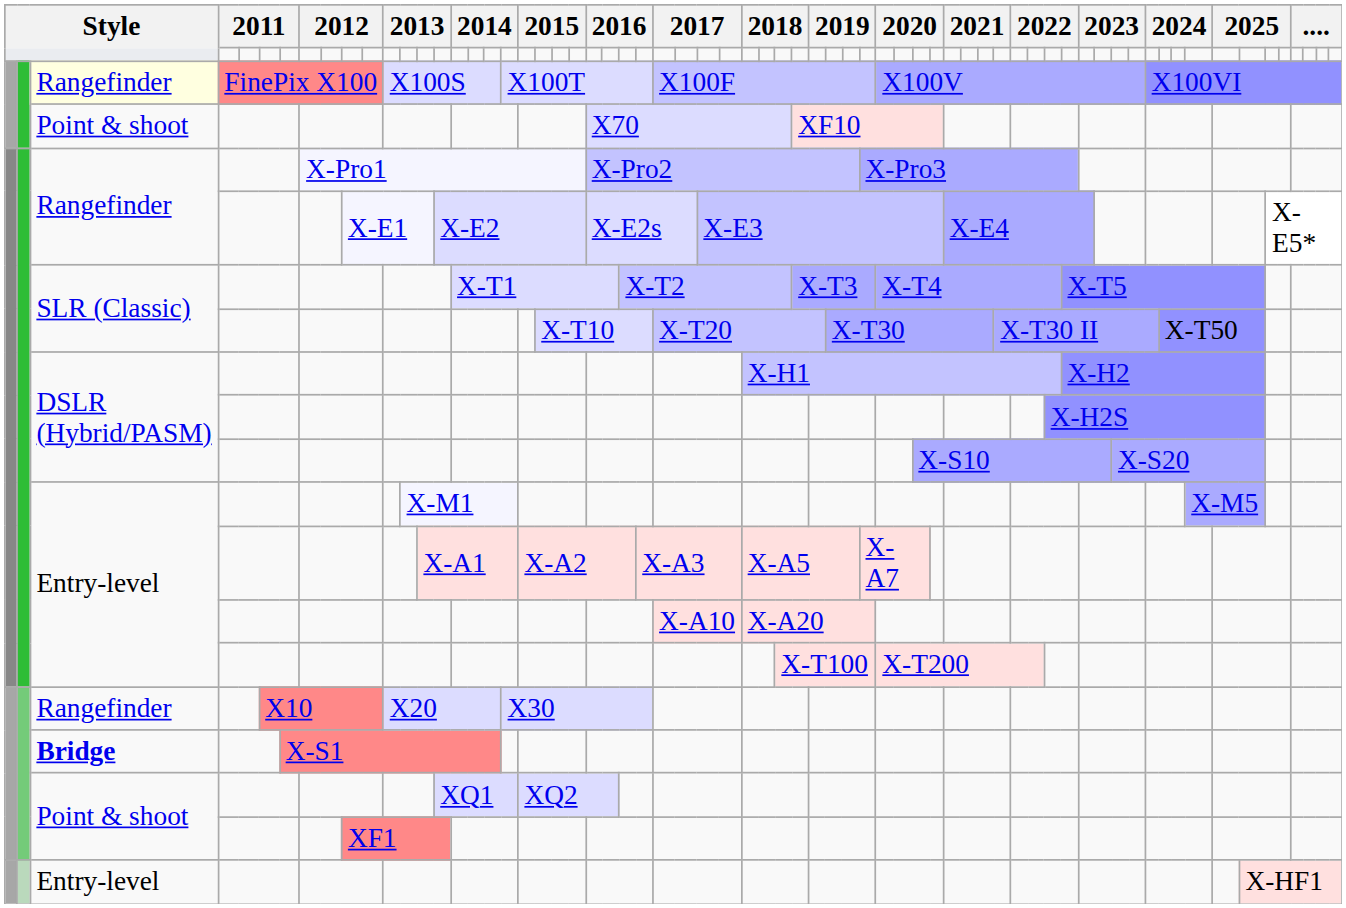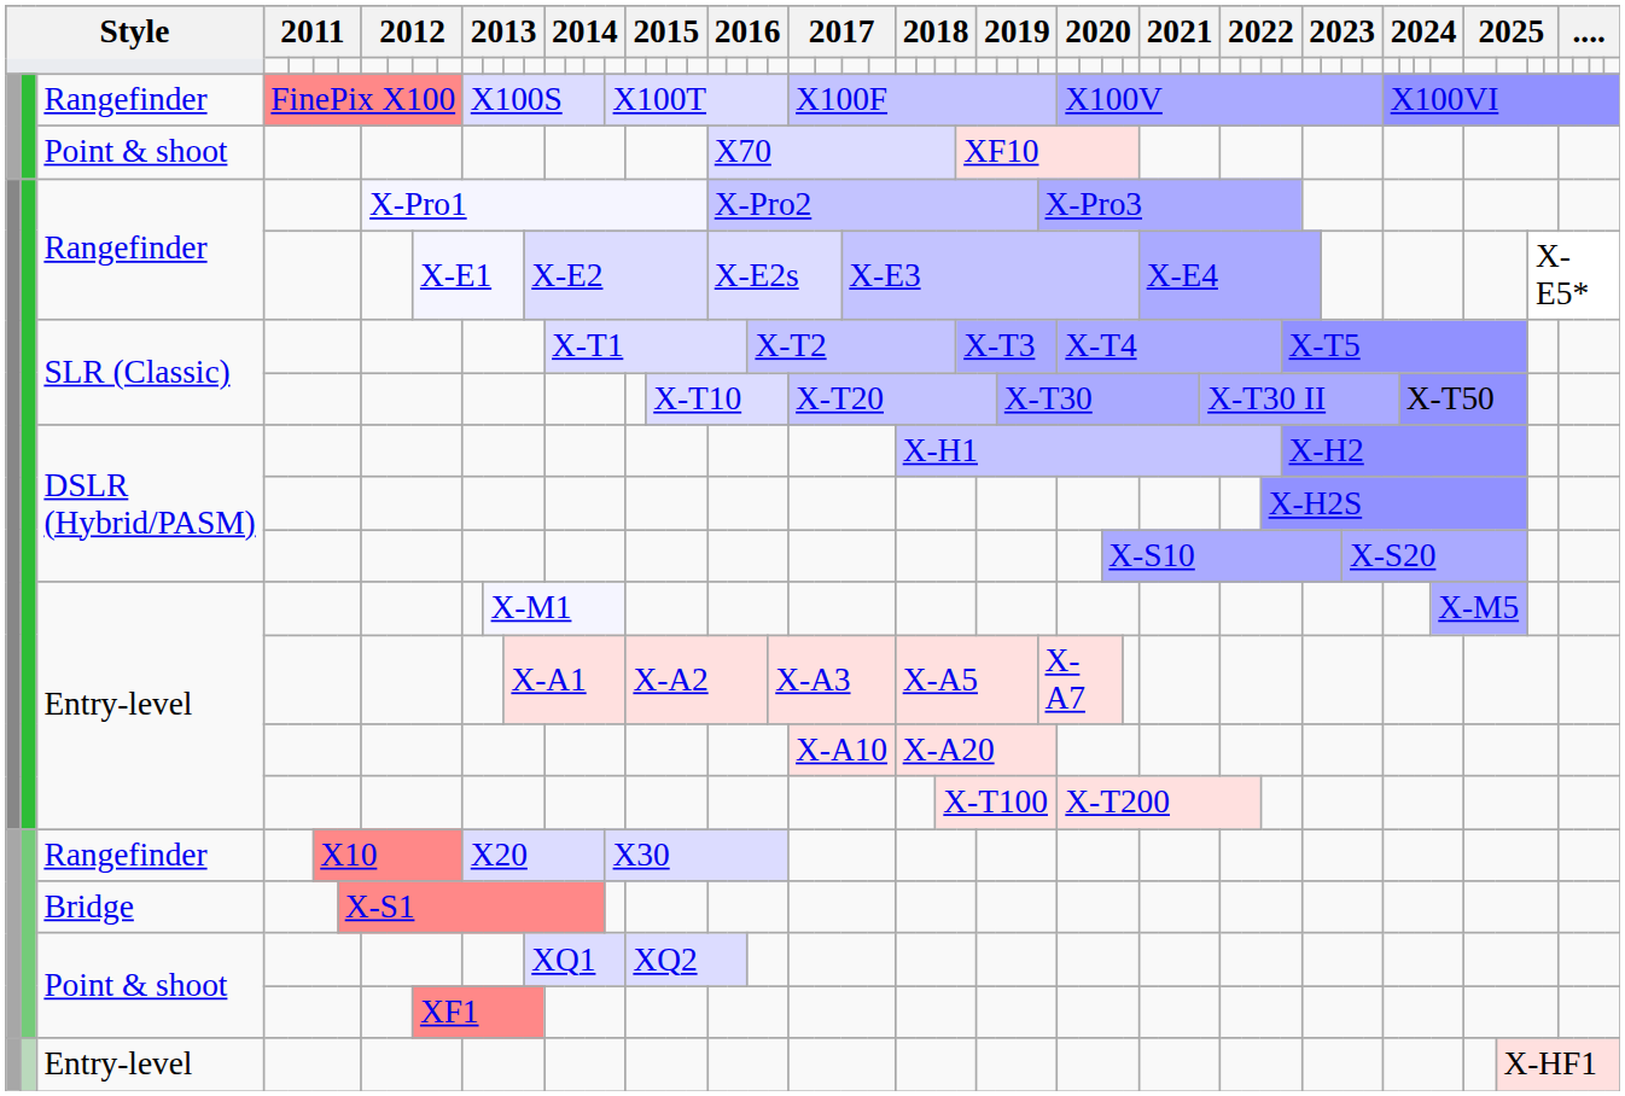 <table class="wikitable" style="width: 100%;">
 <tr>
 <th colspan="3" style="border-bottom:none">Style</th>
 <th colspan="4">2011</th>
 <th colspan="4">2012</th>
 <th colspan="4">2013</th>
 <th colspan="4">2014</th>
 <th colspan="4">2015</th>
 <th colspan="4">2016</th>
 <th colspan="4">2017</th>
 <th colspan="4">2018</th>
 <th colspan="4">2019</th>
 <th colspan="4">2020</th>
 <th colspan="4">2021</th>
 <th colspan="4">2022</th>
 <th colspan="4">2023</th>
 <th colspan="4">2024</th>
 <th colspan="4">2025</th>
 <th colspan="4">....</th>
 </tr>
 <tr>
 <td colspan="3" style="border-top: 0px solid;background: #eaecf0;"></td>
 <td></td>
 <td></td>
 <td></td>
 <td></td>
 <td></td>
 <td></td>
 <td></td>
 <td></td>
 <td></td>
 <td></td>
 <td></td>
 <td></td>
 <td></td>
 <td></td>
 <td></td>
 <td></td>
 <td></td>
 <td></td>
 <td></td>
 <td></td>
 <td></td>
 <td></td>
 <td></td>
 <td></td>
 <td></td>
 <td></td>
 <td></td>
 <td></td>
 <td></td>
 <td></td>
 <td></td>
 <td></td>
 <td></td>
 <td></td>
 <td></td>
 <td></td>
 <td></td>
 <td></td>
 <td></td>
 <td></td>
 <td></td>
 <td></td>
 <td></td>
 <td></td>
 <td></td>
 <td></td>
 <td></td>
 <td></td>
 <td></td>
 <td></td>
 <td></td>
 <td></td>
 <td></td>
 <td></td>
 <td></td>
 <td></td>
 <td></td>
 <td></td>
 <td></td>
 <td></td>
 <td></td>
 <td></td>
 <td></td>
 <td></td>
 </tr>
 <tr>
 <td rowspan="2" style="background:#a7a7a7"></td>
 <td rowspan="2" style="background:#2ebd36"></td>
-<td rowspan="1" style="background: lightyellow; text-align: left;"><a href='#'>Rangefinder</a></td>
+<td rowspan="1" style="text-align: left;"><a href='#'>Rangefinder</a></td>
 <td colspan="8" style="background:#ff8888;white-space:nowrap"><a href='#'>FinePix X100</a></td>
 <td colspan="7" style="background:#dcdcff"><a href='#'>X100S</a></td>
 <td colspan="9" style="background:#dcdcff"><a href='#'>X100T</a></td>
 <td colspan="12" style="background:#c3c3ff"><a href='#'>X100F</a></td>
 <td colspan="16" style="background:#aaaaff"><a href='#'>X100V</a></td>
 <td colspan="12" style="background:#9191FF"><a href='#'>X100VI</a></td>
 </tr>
 <tr>
 <td rowspan="1" style="text-align: left;"><a href='#'>Point & shoot</a></td>
 <td colspan="4"></td>
 <td colspan="4"></td>
 <td colspan="4"></td>
 <td colspan="4"></td>
 <td colspan="4"></td>
 <td colspan="11" style="background:#dcdcff"><a href='#'>X70</a></td>
 <td colspan="9" style="background:#FFE0DF"><a href='#'>XF10</a></td>
 <td colspan="4"></td>
 <td colspan="4"></td>
 <td colspan="4"></td>
 <td colspan="4"></td>
 <td colspan="4"></td>
 <td colspan="4"></td>
 </tr>
 <tr>
 <td rowspan="11" style="background:#878787"></td>
 <td rowspan="11" style="background:#2ebd36"></td>
 <td rowspan="2" style="text-align: left;"><a href='#'>Rangefinder</a></td>
 <td colspan="4"></td>
 <td colspan="16" style="background:#f5f5ff"><a href='#'>X-Pro1</a></td>
 <td colspan="15" style="background:#c3c3ff"><a href='#'>X-Pro2</a></td>
 <td colspan="13" style="background:#aaaaff"><a href='#'>X-Pro3</a></td>
 <td colspan="4"></td>
 <td colspan="4"></td>
 <td colspan="4"></td>
 <td colspan="4"></td>
 </tr>
 <tr>
 <td colspan="4"></td>
 <td colspan="2"></td>
 <td colspan="5" style="background:#f5f5ff"><a href='#'>X-E1</a></td>
 <td colspan="9" style="background:#dcdcff"><a href='#'>X-E2</a></td>
 <td colspan="6" style="background:#dcdcff"><a href='#'>X-E2s</a></td>
 <td colspan="14" style="background:#c3c3ff"><a href='#'>X-E3</a></td>
 <td colspan="9" style="background:#aaaaff"><a href='#'>X-E4</a></td>
 <td colspan="3"></td>
 <td colspan="4"></td>
 <td colspan="2"></td>
 <td colspan="6" style="background:#FFFFFF">X-E5*</td>
 </tr>
 <tr>
 <td rowspan="2" style="text-align: left;"><a href='#'>SLR (Classic)</a></td>
 <td colspan="4"></td>
 <td colspan="4"></td>
 <td colspan="4"></td>
 <td colspan="10" style="background:#dcdcff"><a href='#'>X-T1</a></td>
 <td colspan="9" style="background:#c3c3ff"><a href='#'>X-T2</a></td>
 <td colspan="5" style="background:#aaaaff"><a href='#'>X-T3</a></td>
 <td colspan="11" style="background:#aaaaff"><a href='#'>X-T4</a></td>
 <td colspan="11" style="background:#9191FF"><a href='#'>X-T5</a></td>
 <td colspan="2"></td>
 <td colspan="4"></td>
 </tr>
 <tr>
 <td colspan="4"></td>
 <td colspan="4"></td>
 <td colspan="4"></td>
 <td colspan="4"></td>
 <td></td>
 <td colspan="7" style="background:#dcdcff"><a href='#'>X-T10</a></td>
 <td colspan="9" style="background:#c3c3ff"><a href='#'>X-T20</a></td>
 <td colspan="10" style="background:#aaaaff"><a href='#'>X-T30</a></td>
 <td colspan="10" style="background:#aaaaff"><a href='#'>X-T30 II</a></td>
 <td colspan="5" style="background:#9191FF">X-T50</td>
 <td colspan="2"></td>
 <td colspan="4"></td>
 </tr>
 <tr>
 <td rowspan="3" style="text-align: left;"><a href='#'>DSLR</a> <a href='#'>(Hybrid/PASM)</a></td>
 <td colspan="4"></td>
 <td colspan="4"></td>
 <td colspan="4"></td>
 <td colspan="4"></td>
 <td colspan="4"></td>
 <td colspan="4"></td>
 <td colspan="4"></td>
 <td colspan="19" style="background:#c3c3ff"><a href='#'>X-H1</a></td>
 <td colspan="11" style="background:#9191FF"><a href='#'>X-H2</a></td>
 <td colspan="2"></td>
 <td colspan="4"></td>
 </tr>
 <tr>
 <td colspan="4"></td>
 <td colspan="4"></td>
 <td colspan="4"></td>
 <td colspan="4"></td>
 <td colspan="4"></td>
 <td colspan="4"></td>
 <td colspan="4"></td>
 <td colspan="4"></td>
 <td colspan="4"></td>
 <td colspan="4"></td>
 <td colspan="4"></td>
 <td colspan="2"></td>
 <td colspan="12" style="background:#9191FF"><a href='#'>X-H2S</a></td>
 <td colspan="2"></td>
 <td colspan="4"></td>
 </tr>
 <tr>
 <td colspan="4"></td>
 <td colspan="4"></td>
 <td colspan="4"></td>
 <td colspan="4"></td>
 <td colspan="4"></td>
 <td colspan="4"></td>
 <td colspan="4"></td>
 <td colspan="4"></td>
 <td colspan="4"></td>
 <td colspan="2"></td>
 <td colspan="12" style="background:#aaaaff"><a href='#'>X-S10</a></td>
 <td colspan="8" style="background:#aaaaff;white-space:nowrap"><a href='#'>X-S20</a></td>
 <td colspan="2"></td>
 <td colspan="4"></td>
 </tr>
 <tr>
 <td rowspan="4" style="text-align: left;">Entry-level</td>
 <td colspan="4"></td>
 <td colspan="4"></td>
 <td></td>
 <td colspan="7" style="background:#f5f5ff"><a href='#'>X-M1</a></td>
 <td colspan="4"></td>
 <td colspan="4"></td>
 <td colspan="4"></td>
 <td colspan="4"></td>
 <td colspan="4"></td>
 <td colspan="4"></td>
 <td colspan="4"></td>
 <td colspan="4"></td>
 <td colspan="4"></td>
 <td colspan="3"></td>
 <td colspan="3" style="background:#aaaaff;white-space:nowrap"><a href='#'>X-M5</a></td>
 <td colspan="2"></td>
 <td colspan="4"></td>
 </tr>
 <tr>
 <td colspan="4"></td>
 <td colspan="4"></td>
 <td colspan="2"></td>
 <td colspan="6" style="background:#FFE0DF"><a href='#'>X-A1</a></td>
 <td colspan="7" style="background:#FFE0DF"><a href='#'>X-A2</a></td>
 <td colspan="5" style="background:#FFE0DF"><a href='#'>X-A3</a></td>
 <td colspan="7" style="background:#FFE0DF"><a href='#'>X-A5</a></td>
 <td colspan="4" style="background:#FFE0DF"><a href='#'>X-A7</a></td>
 <td colspan="1"></td>
 <td colspan="4"></td>
 <td colspan="4"></td>
 <td colspan="4"></td>
 <td colspan="4"></td>
 <td colspan="4"></td>
 <td colspan="4"></td>
 </tr>
 <tr>
 <td colspan="4"></td>
 <td colspan="4"></td>
 <td colspan="4"></td>
 <td colspan="4"></td>
 <td colspan="4"></td>
 <td colspan="4"></td>
 <td colspan="4" style="background:#FFE0DF;white-space:nowrap"><a href='#'>X-A10</a></td>
 <td colspan="8" style="background:#FFE0DF"><a href='#'>X-A20</a></td>
 <td colspan="4"></td>
 <td colspan="4"></td>
 <td colspan="4"></td>
 <td colspan="4"></td>
 <td colspan="4"></td>
 <td colspan="4"></td>
 <td colspan="4"></td>
 </tr>
 <tr>
 <td colspan="4"></td>
 <td colspan="4"></td>
 <td colspan="4"></td>
 <td colspan="4"></td>
 <td colspan="4"></td>
 <td colspan="4"></td>
 <td colspan="4"></td>
 <td colspan="2"></td>
 <td colspan="6" style="background:#FFE0DF"><a href='#'>X-T100</a></td>
 <td colspan="10" style="background:#FFE0DF"><a href='#'>X-T200</a></td>
 <td colspan="2"></td>
 <td colspan="4"></td>
 <td colspan="4"></td>
 <td colspan="4"></td>
 <td colspan="4"></td>
 </tr>
 <tr>
 <td rowspan="4" style="background:#a7a7a7"></td>
 <td rowspan="4" style="background:#74cb79"></td>
 <td rowspan="1" style="text-align: left;"><a href='#'>Rangefinder</a></td>
 <td colspan="2"></td>
 <td colspan="6" style="background:#ff8888"><a href='#'>X10</a></td>
 <td colspan="7" style="background:#dcdcff"><a href='#'>X20</a></td>
 <td colspan="9" style="background:#dcdcff"><a href='#'>X30</a></td>
 <td colspan="4"></td>
 <td colspan="4"></td>
 <td colspan="4"></td>
 <td colspan="4"></td>
 <td colspan="4"></td>
 <td colspan="4"></td>
 <td colspan="4"></td>
 <td colspan="4"></td>
 <td colspan="4"></td>
 <td colspan="4"></td>
 </tr>
 <tr>
-<td rowspan="1" style="text-align: left;"><strong><a href='#'>Bridge</a></strong></td>
+<td rowspan="1" style="text-align: left;"><a href='#'>Bridge</a></td>
 <td colspan="3"></td>
 <td colspan="12" style="background:#ff8888"><a href='#'>X-S1</a></td>
 <td></td>
 <td colspan="4"></td>
 <td colspan="4"></td>
 <td colspan="4"></td>
 <td colspan="4"></td>
 <td colspan="4"></td>
 <td colspan="4"></td>
 <td colspan="4"></td>
 <td colspan="4"></td>
 <td colspan="4"></td>
 <td colspan="4"></td>
 <td colspan="4"></td>
 <td colspan="4"></td>
 </tr>
 <tr>
 <td rowspan="2" style="text-align: left;"><a href='#'>Point & shoot</a></td>
 <td colspan="4"></td>
 <td colspan="4"></td>
 <td colspan="3"></td>
 <td colspan="5" style="background:#dcdcff"><a href='#'>XQ1</a></td>
 <td colspan="6" style="background:#dcdcff"><a href='#'>XQ2</a></td>
 <td colspan="2"></td>
 <td colspan="4"></td>
 <td colspan="4"></td>
 <td colspan="4"></td>
 <td colspan="4"></td>
 <td colspan="4"></td>
 <td colspan="4"></td>
 <td colspan="4"></td>
 <td colspan="4"></td>
 <td colspan="4"></td>
 <td colspan="4"></td>
 </tr>
 <tr>
 <td colspan="4"></td>
 <td colspan="2"></td>
 <td colspan="6" style="background:#ff8888"><a href='#'>XF1</a></td>
 <td colspan="4"></td>
 <td colspan="4"></td>
 <td colspan="4"></td>
 <td colspan="4"></td>
 <td colspan="4"></td>
 <td colspan="4"></td>
 <td colspan="4"></td>
 <td colspan="4"></td>
 <td colspan="4"></td>
 <td colspan="4"></td>
 <td colspan="4"></td>
 <td colspan="4"></td>
 <td colspan="4"></td>
 </tr>
 <tr>
 <td rowspan="4" style="background:#a7a7a7"></td>
 <td rowspan="4" style="background:#bad9bc"></td>
 <td rowspan="4" style="text-align: left;">Entry-level</td>
 <td colspan="4"></td>
 <td colspan="4"></td>
 <td colspan="4"></td>
 <td colspan="4"></td>
 <td colspan="4"></td>
 <td colspan="4"></td>
 <td colspan="4"></td>
 <td colspan="4"></td>
 <td colspan="4"></td>
 <td colspan="4"></td>
 <td colspan="4"></td>
 <td colspan="4"></td>
 <td colspan="4"></td>
 <td colspan="4"></td>
 <td colspan="1"></td>
 <td colspan="7" style="background:#FFE0DF">X-HF1</td>
 </tr>
 </table>
